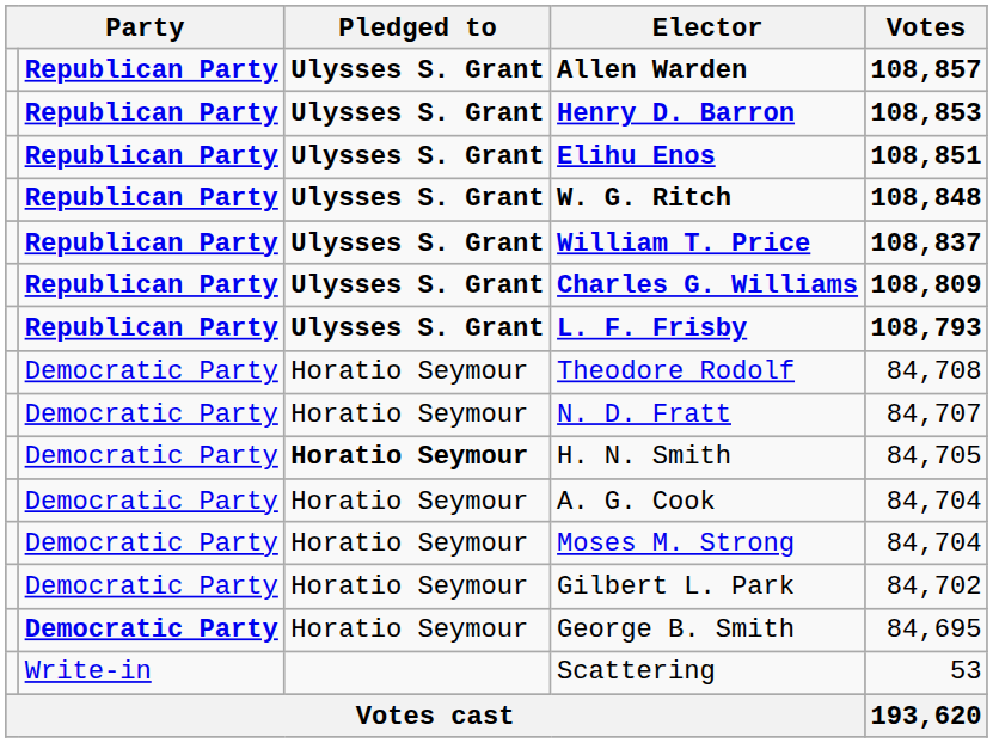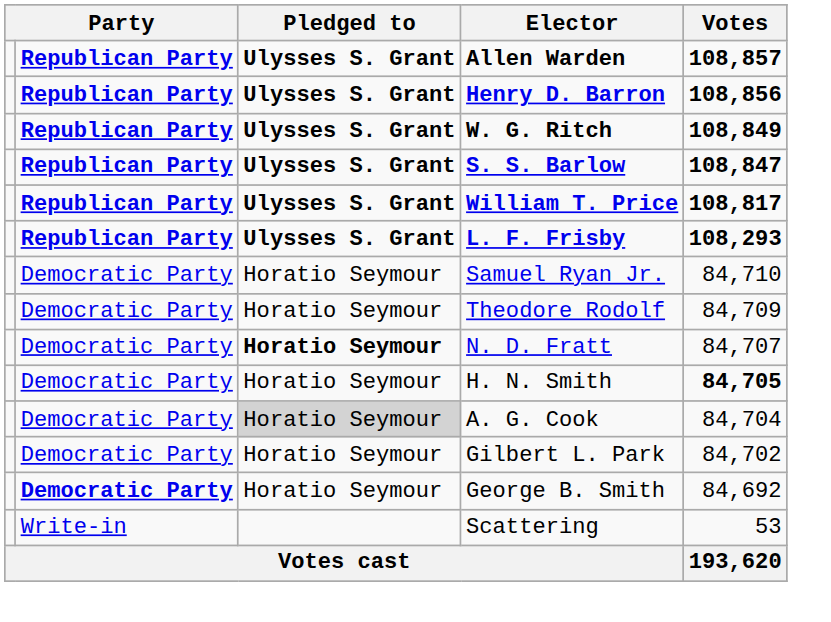 <table class="wikitable">
 <tr>
 <th colspan=2>Party</th>
 <th>Pledged to</th>
 <th>Elector</th>
 <th>Votes</th>
 </tr>
 <tr style="font-weight:bold">
 <td></td>
 <td><a href='#'>Republican Party</a></td>
 <td>Ulysses S. Grant</td>
 <td>Allen Warden</td>
 <td align="right">108,857</td>
 </tr>
 <tr style="font-weight:bold">
 <td></td>
 <td><a href='#'>Republican Party</a></td>
 <td>Ulysses S. Grant</td>
 <td><a href='#'>Henry D. Barron</a></td>
-<td align="right">108,853</td>
-</tr>
-<tr style="font-weight:bold">
-<td></td>
-<td><a href='#'>Republican Party</a></td>
-<td>Ulysses S. Grant</td>
-<td><a href='#'>Elihu Enos</a></td>
-<td align="right">108,851</td>
+<td align="right">108,856</td>
 </tr>
 <tr style="font-weight:bold">
 <td></td>
 <td><a href='#'>Republican Party</a></td>
 <td>Ulysses S. Grant</td>
 <td>W. G. Ritch</td>
-<td align="right">108,848</td>
+<td align="right">108,849</td>
+</tr>
+<tr style="font-weight:bold">
+<td></td>
+<td><a href='#'>Republican Party</a></td>
+<td>Ulysses S. Grant</td>
+<td><a href='#'>S. S. Barlow</a></td>
+<td align="right">108,847</td>
 </tr>
 <tr style="font-weight:bold">
 <td></td>
 <td><a href='#'>Republican Party</a></td>
 <td>Ulysses S. Grant</td>
 <td><a href='#'>William T. Price</a></td>
-<td align="right">108,837</td>
-</tr>
-<tr style="font-weight:bold">
-<td></td>
-<td><a href='#'>Republican Party</a></td>
-<td>Ulysses S. Grant</td>
-<td><a href='#'>Charles G. Williams</a></td>
-<td align="right">108,809</td>
+<td align="right">108,817</td>
 </tr>
 <tr style="font-weight:bold">
 <td></td>
 <td><a href='#'>Republican Party</a></td>
 <td>Ulysses S. Grant</td>
 <td><a href='#'>L. F. Frisby</a></td>
-<td align="right">108,793</td>
+<td align="right">108,293</td>
+</tr>
+<tr>
+<td></td>
+<td><a href='#'>Democratic Party</a></td>
+<td>Horatio Seymour</td>
+<td><a href='#'>Samuel Ryan Jr.</a></td>
+<td align="right">84,710</td>
 </tr>
 <tr>
 <td></td>
 <td><a href='#'>Democratic Party</a></td>
 <td>Horatio Seymour</td>
 <td><a href='#'>Theodore Rodolf</a></td>
-<td align="right">84,708</td>
+<td align="right">84,709</td>
 </tr>
 <tr>
 <td></td>
 <td><a href='#'>Democratic Party</a></td>
-<td>Horatio Seymour</td>
+<td><strong>Horatio Seymour</strong></td>
 <td><a href='#'>N. D. Fratt</a></td>
 <td align="right">84,707</td>
 </tr>
 <tr>
 <td></td>
 <td><a href='#'>Democratic Party</a></td>
-<td><strong>Horatio Seymour</strong></td>
+<td>Horatio Seymour</td>
 <td>H. N. Smith</td>
-<td align="right">84,705</td>
+<td align="right"><strong>84,705</strong></td>
 </tr>
 <tr>
 <td></td>
 <td><a href='#'>Democratic Party</a></td>
-<td>Horatio Seymour</td>
+<td style="background: lightgrey;">Horatio Seymour</td>
 <td>A. G. Cook</td>
-<td align="right">84,704</td>
-</tr>
-<tr>
-<td></td>
-<td><a href='#'>Democratic Party</a></td>
-<td>Horatio Seymour</td>
-<td><a href='#'>Moses M. Strong</a></td>
 <td align="right">84,704</td>
 </tr>
 <tr>
 <td></td>
 <td><a href='#'>Democratic Party</a></td>
 <td>Horatio Seymour</td>
 <td>Gilbert L. Park</td>
 <td align="right">84,702</td>
 </tr>
 <tr>
 <td></td>
 <td><strong><a href='#'>Democratic Party</a></strong></td>
 <td>Horatio Seymour</td>
 <td>George B. Smith</td>
-<td align="right">84,695</td>
+<td align="right">84,692</td>
 </tr>
 <tr>
 <td></td>
 <td><a href='#'>Write-in</a></td>
 <td></td>
 <td>Scattering</td>
 <td align="right">53</td>
 </tr>
 <tr>
 <th colspan="4">Votes cast</th>
 <th>193,620</th>
 </tr>
 </table>
